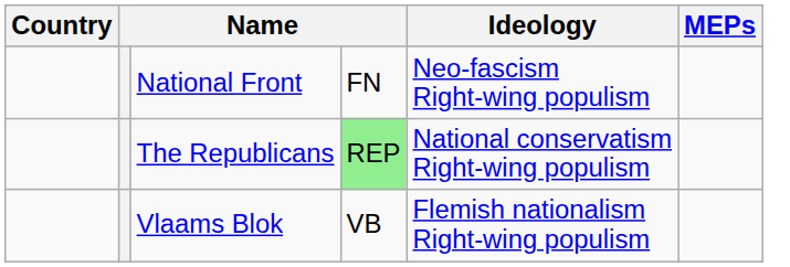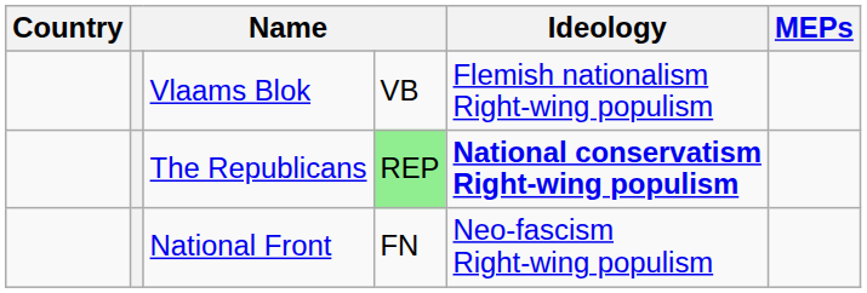 <table class="wikitable">
 <tr>
 <th>Country</th>
 <th colspan="3">Name</th>
 <th>Ideology</th>
 <th><a href='#'>MEPs</a></th>
 </tr>
 <tr>
 <td></td>
 <th style="background:"></th>
-<td><a href='#'>National Front</a></td>
-<td>FN</td>
-<td><a href='#'>Neo-fascism</a><br><a href='#'>Right-wing populism</a></td>
+<td><a href='#'>Vlaams Blok</a></td>
+<td>VB</td>
+<td><a href='#'>Flemish nationalism</a><br><a href='#'>Right-wing populism</a></td>
 <td></td>
 </tr>
 <tr>
 <td></td>
 <th style="background:"></th>
 <td><a href='#'>The Republicans</a></td>
 <td style="background: lightgreen;">REP</td>
-<td><a href='#'>National conservatism</a><br><a href='#'>Right-wing populism</a></td>
+<td><strong><a href='#'>National conservatism</a><br><a href='#'>Right-wing populism</a></strong></td>
 <td></td>
 </tr>
 <tr>
 <td></td>
 <th style="background:"></th>
-<td><a href='#'>Vlaams Blok</a></td>
-<td>VB</td>
-<td><a href='#'>Flemish nationalism</a><br><a href='#'>Right-wing populism</a></td>
+<td><a href='#'>National Front</a></td>
+<td>FN</td>
+<td><a href='#'>Neo-fascism</a><br><a href='#'>Right-wing populism</a></td>
 <td></td>
 </tr>
 </table>
